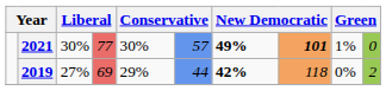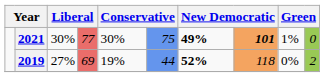 <table class="wikitable" style="float:right; width:400; font-size:90%; margin-left:1em;">
 <tr>
 <th colspan="2" scope="col">Year</th>
 <th colspan="2" scope="col"><a href='#'>Liberal</a></th>
 <th colspan="2" scope="col"><a href='#'>Conservative</a></th>
 <th colspan="2" scope="col"><a href='#'>New Democratic</a></th>
 <th colspan="2" scope="col"><a href='#'>Green</a></th>
 </tr>
 <tr>
 <td rowspan="2" style="width: 0.25em; background-color: "></td>
 <th><a href='#'>2021</a></th>
 <td>30%</td>
 <td style="text-align:right; background:#EA6D6A;"><em>77</em></td>
 <td>30%</td>
-<td style="text-align:right; background:#6495ED;"><em>57</em></td>
+<td style="text-align:right; background:#6495ED;"><em>75</em></td>
 <td><strong>49%</strong></td>
 <td style="text-align:right; background:#F4A460;"><strong><em>101</em></strong></td>
 <td>1%</td>
 <td style="text-align:right; background:#99C955;"><em>0</em></td>
 </tr>
 <tr>
 <th><a href='#'>2019</a></th>
 <td>27%</td>
 <td style="text-align:right; background:#EA6D6A;"><em>69</em></td>
-<td>29%</td>
+<td>19%</td>
 <td style="text-align:right; background:#6495ED;"><em>44</em></td>
-<td><strong>42%</strong></td>
+<td><strong>52%</strong></td>
 <td style="text-align:right; background:#F4A460;"><em>118</em></td>
 <td>0%</td>
 <td style="text-align:right; background:#99C955;"><em>2</em></td>
 </tr>
 <tr>
 </tr>
 </table>
